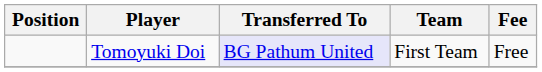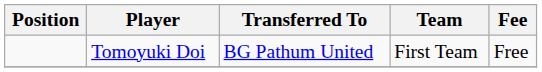 <table class="wikitable sortable" style="width:70%;text-align:left">
 <tr>
 <th>Position</th>
 <th>Player</th>
 <th>Transferred To</th>
 <th>Team</th>
 <th>Fee</th>
 </tr>
 <tr>
 <td></td>
 <td> <a href='#'>Tomoyuki Doi</a></td>
-<td style="background: lavender;"> <a href='#'>BG Pathum United</a></td>
+<td> <a href='#'>BG Pathum United</a></td>
 <td>First Team</td>
 <td>Free</td>
 </tr>
 <tr>
 </tr>
 </table>
